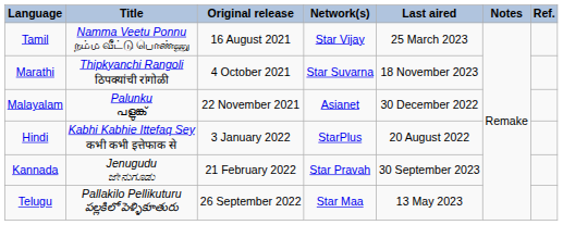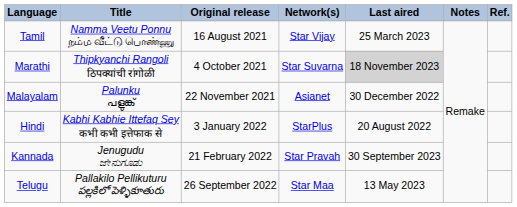 <table class="wikitable" style="text-align:center;">
 <tr>
 <th style="background:LightSteelBlue">Language</th>
 <th style="background:LightSteelBlue">Title</th>
 <th style="background:LightSteelBlue">Original release</th>
 <th style="background:LightSteelBlue">Network(s)</th>
 <th style="background:LightSteelBlue">Last aired</th>
 <th style="background:LightSteelBlue">Notes</th>
 <th style="background:LightSteelBlue">Ref.</th>
 </tr>
 <tr>
 <td><a href='#'>Tamil</a></td>
 <td><em><a href='#'>Namma Veetu Ponnu</a></em> <br> நம்ம வீட்டு பொண்ணு</td>
 <td>16 August 2021</td>
 <td><a href='#'>Star Vijay</a></td>
 <td>25 March 2023</td>
 <td rowspan="6">Remake</td>
 <td></td>
 </tr>
 <tr>
 <td><a href='#'>Marathi</a></td>
 <td><em><a href='#'>Thipkyanchi Rangoli</a></em> <br> ठिपक्यांची रांगोळी</td>
 <td>4 October 2021</td>
 <td><a href='#'>Star Suvarna</a></td>
-<td>18 November 2023</td>
+<td style="background: lightgrey;">18 November 2023</td>
 <td></td>
 </tr>
 <tr>
 <td><a href='#'>Malayalam</a></td>
 <td><em><a href='#'>Palunku</a></em> <br> പളുങ്ക്</td>
 <td>22 November 2021</td>
 <td><a href='#'>Asianet</a></td>
 <td>30 December 2022</td>
 <td></td>
 </tr>
 <tr>
 <td><a href='#'>Hindi</a></td>
 <td><em><a href='#'>Kabhi Kabhie Ittefaq Sey</a></em> <br> कभी कभी इत्तेफाक से</td>
 <td>3 January 2022</td>
 <td><a href='#'>StarPlus</a></td>
 <td>20 August 2022</td>
 <td></td>
 </tr>
 <tr>
 <td><a href='#'>Kannada</a></td>
 <td><em>Jenugudu</em> <br> <em>ಜೇನುಗೂಡು</em></td>
 <td>21 February 2022</td>
 <td><a href='#'>Star Pravah</a></td>
 <td>30 September 2023</td>
 <td></td>
 </tr>
 <tr>
 <td><a href='#'>Telugu</a></td>
 <td><em>Pallakilo Pellikuturu</em> <br> <em>పల్లకిలో పెళ్ళికూతురు</em></td>
 <td>26 September 2022</td>
 <td><a href='#'>Star Maa</a></td>
 <td>13 May 2023</td>
 <td></td>
 </tr>
 </table>
